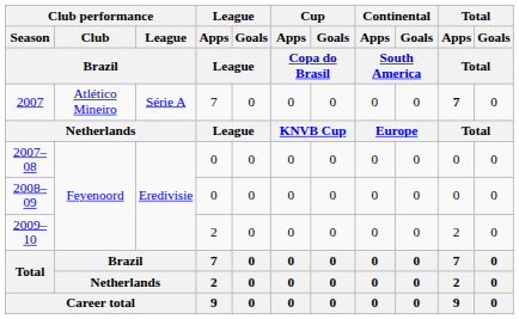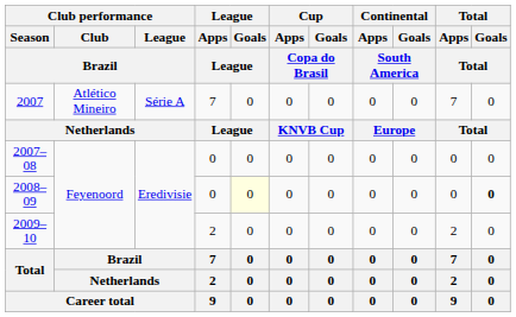 <table class="wikitable" style="text-align:center">
 <tr>
 <th colspan=3>Club performance</th>
 <th colspan=2>League</th>
 <th colspan=2>Cup</th>
 <th colspan=2>Continental</th>
 <th colspan=2>Total</th>
 </tr>
 <tr>
 <th>Season</th>
 <th>Club</th>
 <th>League</th>
 <th>Apps</th>
 <th>Goals</th>
 <th>Apps</th>
 <th>Goals</th>
 <th>Apps</th>
 <th>Goals</th>
 <th>Apps</th>
 <th>Goals</th>
 </tr>
 <tr>
 <th colspan=3>Brazil</th>
 <th colspan=2>League</th>
 <th colspan=2><a href='#'>Copa do Brasil</a></th>
 <th colspan=2><a href='#'>South America</a></th>
 <th colspan=2>Total</th>
 </tr>
 <tr>
 <td><a href='#'>2007</a></td>
 <td rowspan="1"><a href='#'>Atlético Mineiro</a></td>
 <td rowspan="1"><a href='#'>Série A</a></td>
 <td>7</td>
 <td>0</td>
 <td>0</td>
 <td>0</td>
 <td>0</td>
 <td>0</td>
-<td><strong>7</strong></td>
+<td>7</td>
 <td>0</td>
 </tr>
 <tr>
 <th colspan=3>Netherlands</th>
 <th colspan=2>League</th>
 <th colspan=2><a href='#'>KNVB Cup</a></th>
 <th colspan=2><a href='#'>Europe</a></th>
 <th colspan=2>Total</th>
 </tr>
 <tr>
 <td><a href='#'>2007–08</a></td>
 <td rowspan="3"><a href='#'>Feyenoord</a></td>
 <td rowspan="3"><a href='#'>Eredivisie</a></td>
 <td>0</td>
 <td>0</td>
 <td>0</td>
 <td>0</td>
 <td>0</td>
 <td>0</td>
 <td>0</td>
 <td>0</td>
 </tr>
 <tr>
 <td><a href='#'>2008–09</a></td>
 <td>0</td>
+<td style="background: lightyellow;">0</td>
 <td>0</td>
 <td>0</td>
 <td>0</td>
 <td>0</td>
 <td>0</td>
-<td>0</td>
-<td>0</td>
+<td><strong>0</strong></td>
 </tr>
 <tr>
 <td><a href='#'>2009–10</a></td>
 <td>2</td>
 <td>0</td>
 <td>0</td>
 <td>0</td>
 <td>0</td>
 <td>0</td>
 <td>2</td>
 <td>0</td>
 </tr>
 <tr>
 <th rowspan=2>Total</th>
 <th colspan=2>Brazil</th>
 <th>7</th>
 <th>0</th>
 <th>0</th>
 <th>0</th>
 <th>0</th>
 <th>0</th>
 <th>7</th>
 <th>0</th>
 </tr>
 <tr>
 <th colspan=2>Netherlands</th>
 <th>2</th>
 <th>0</th>
 <th>0</th>
 <th>0</th>
 <th>0</th>
 <th>0</th>
 <th>2</th>
 <th>0</th>
 </tr>
 <tr>
 <th colspan=3>Career total</th>
 <th>9</th>
 <th>0</th>
 <th>0</th>
 <th>0</th>
 <th>0</th>
 <th>0</th>
 <th>9</th>
 <th>0</th>
 </tr>
 </table>
